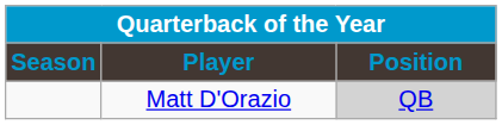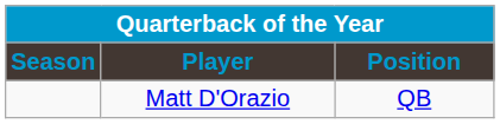 <table class="wikitable sortable" style="text-align:center">
 <tr>
 <td colspan="4" style="background:#09C; color:#fff;"><strong>Quarterback of the Year</strong></td>
 </tr>
 <tr>
 <th style="width:50px; background:#423732; color:#09C;">Season</th>
 <th style="width:150px; background:#423732; color:#09C;">Player</th>
 <th style="width:100px; background:#423732; color:#09C;">Position</th>
 </tr>
 <tr>
 <td></td>
 <td><a href='#'>Matt D'Orazio</a></td>
-<td style="background: lightgrey;"><a href='#'>QB</a></td>
+<td><a href='#'>QB</a></td>
 </tr>
 </table>
